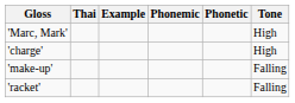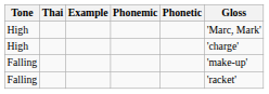 <table class=wikitable>
 <tr>
-<th scope="col">Gloss</th>
+<th scope="col">Tone</th>
 <th scope="col">Thai</th>
 <th scope="col">Example</th>
 <th scope="col">Phonemic</th>
 <th scope="col">Phonetic</th>
-<th scope="col">Tone</th>
+<th scope="col">Gloss</th>
 </tr>
 <tr>
-<td>'Marc, Mark'</td>
+<td>High</td>
 <td></td>
 <td></td>
 <td></td>
 <td></td>
-<td>High</td>
+<td>'Marc, Mark'</td>
 </tr>
 <tr>
-<td>'charge'</td>
+<td>High</td>
 <td></td>
 <td></td>
 <td></td>
 <td></td>
-<td>High</td>
+<td>'charge'</td>
 </tr>
 <tr>
-<td>'make-up'</td>
+<td>Falling</td>
 <td></td>
 <td></td>
 <td></td>
 <td></td>
-<td>Falling</td>
+<td>'make-up'</td>
 </tr>
 <tr>
-<td>'racket'</td>
+<td>Falling</td>
 <td></td>
 <td></td>
 <td></td>
 <td></td>
-<td>Falling</td>
+<td>'racket'</td>
 </tr>
 </table>
